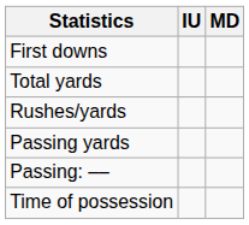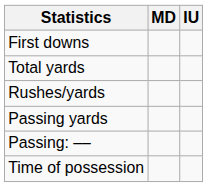 <table class="wikitable" style="float:left">
 <tr>
 <th>Statistics</th>
+<th>MD</th>
 <th>IU</th>
-<th>MD</th>
 </tr>
 <tr>
 <td>First downs</td>
 <td></td>
 <td></td>
 </tr>
 <tr>
 <td>Total yards</td>
 <td></td>
 <td></td>
 </tr>
 <tr>
 <td>Rushes/yards</td>
 <td></td>
 <td></td>
 </tr>
 <tr>
 <td>Passing yards</td>
 <td></td>
 <td></td>
 </tr>
 <tr>
 <td>Passing: ––</td>
 <td></td>
 <td></td>
 </tr>
 <tr>
 <td>Time of possession</td>
 <td></td>
 <td></td>
 </tr>
 </table>
